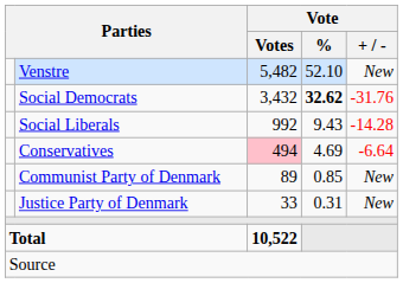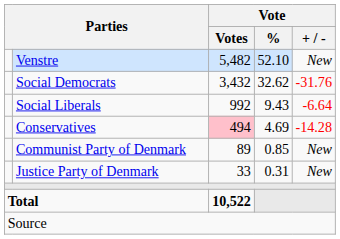 <table class="wikitable" style="text-align:right;">
 <tr>
 <th style="text-align:centre;" rowspan="2" colspan="2" width="225">Parties</th>
 <th colspan="3">Vote</th>
 </tr>
 <tr>
 <th width="15">Votes</th>
 <th width="15">%</th>
 <th width="15">+ / -</th>
 </tr>
 <tr>
 <td width="2" style="color:inherit;background:"></td>
 <td bgcolor=#cfe5fe  align="left"><a href='#'>Venstre</a></td>
 <td bgcolor=#cfe5fe>5,482</td>
 <td bgcolor=#cfe5fe>52.10</td>
 <td><em>New</em></td>
 </tr>
 <tr>
 <td width="2" style="color:inherit;background:"></td>
 <td align="left"><a href='#'>Social Democrats</a></td>
 <td>3,432</td>
-<td><strong>32.62</strong></td>
+<td>32.62</td>
 <td style=color:red;>-31.76</td>
 </tr>
 <tr>
 <td width="2" style="color:inherit;background:"></td>
 <td align="left"><a href='#'>Social Liberals</a></td>
 <td>992</td>
 <td>9.43</td>
-<td style=color:red;>-14.28</td>
+<td style=color:red;>-6.64</td>
 </tr>
 <tr>
 <td width="2" style="color:inherit;background:"></td>
 <td align="left"><a href='#'>Conservatives</a></td>
 <td style="background: pink;">494</td>
 <td>4.69</td>
-<td style=color:red;>-6.64</td>
+<td style=color:red;>-14.28</td>
 </tr>
 <tr>
 <td width="2" style="color:inherit;background:"></td>
 <td align="left"><a href='#'>Communist Party of Denmark</a></td>
 <td>89</td>
 <td>0.85</td>
 <td><em>New</em></td>
 </tr>
 <tr>
 <td width="2" style="color:inherit;background:"></td>
 <td align="left"><a href='#'>Justice Party of Denmark</a></td>
 <td>33</td>
 <td>0.31</td>
 <td><em>New</em></td>
 </tr>
 <tr>
 <td colspan="7" bgcolor="#E9E9E9"></td>
 </tr>
 <tr>
 <td align="left" colspan="2"><strong>Total</strong></td>
 <td><strong>10,522</strong></td>
 <td bgcolor="#E9E9E9" colspan="2"></td>
 </tr>
 <tr>
 <td align="left" colspan="6">Source</td>
 </tr>
 </table>
